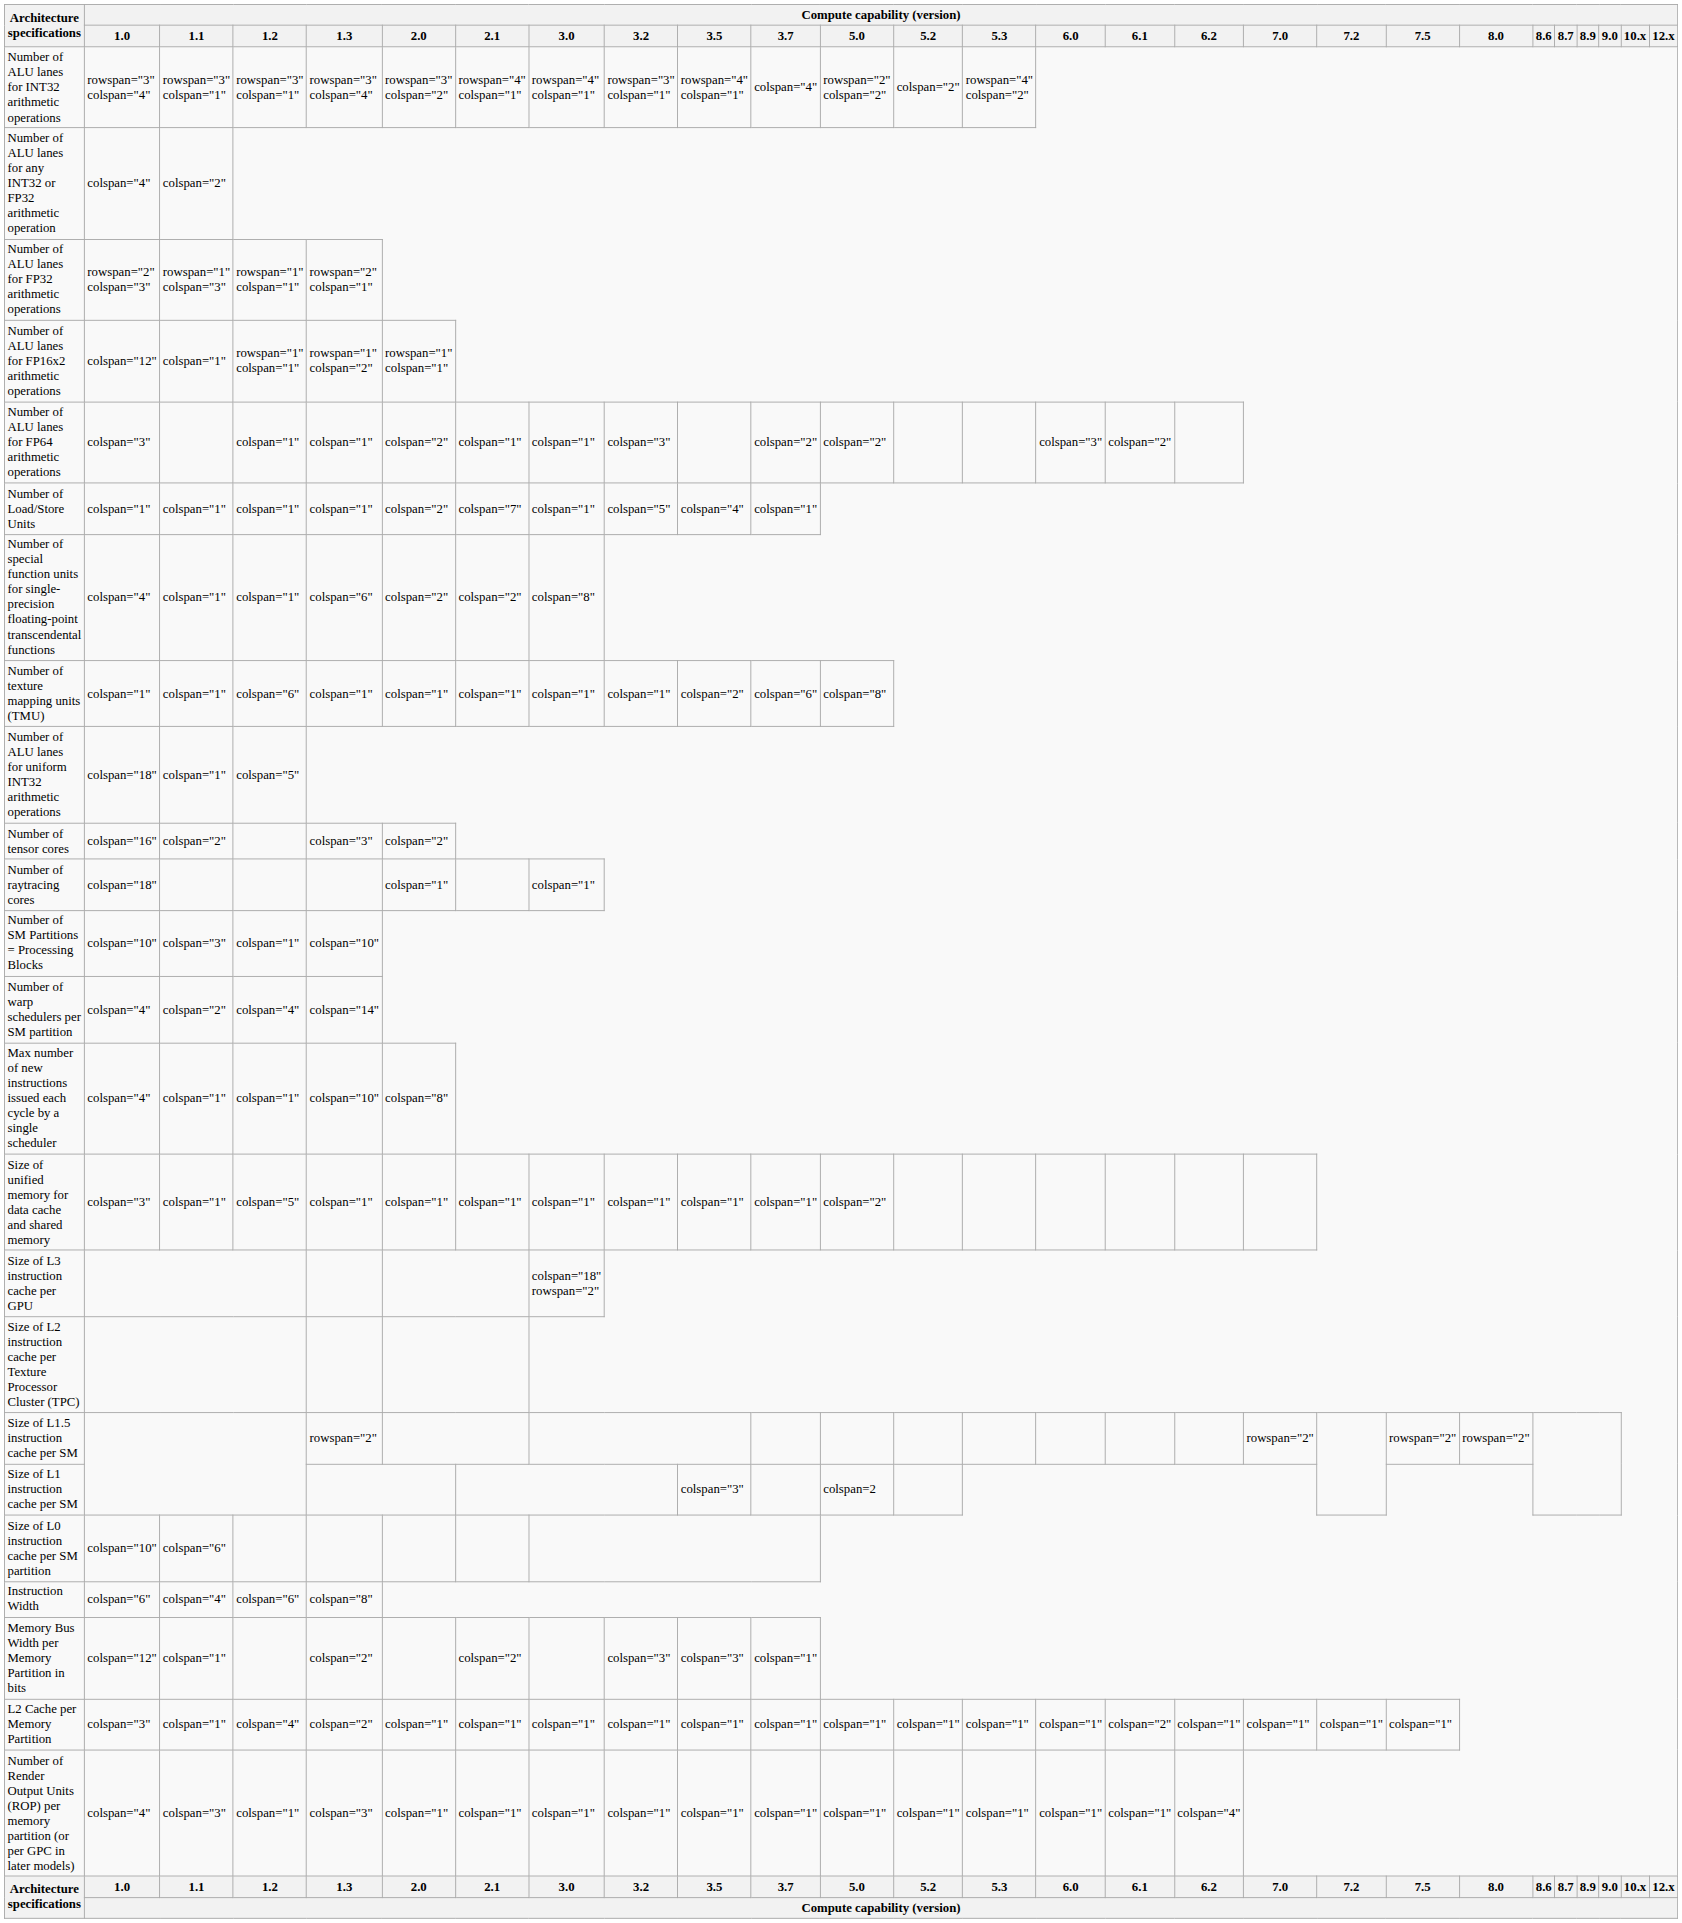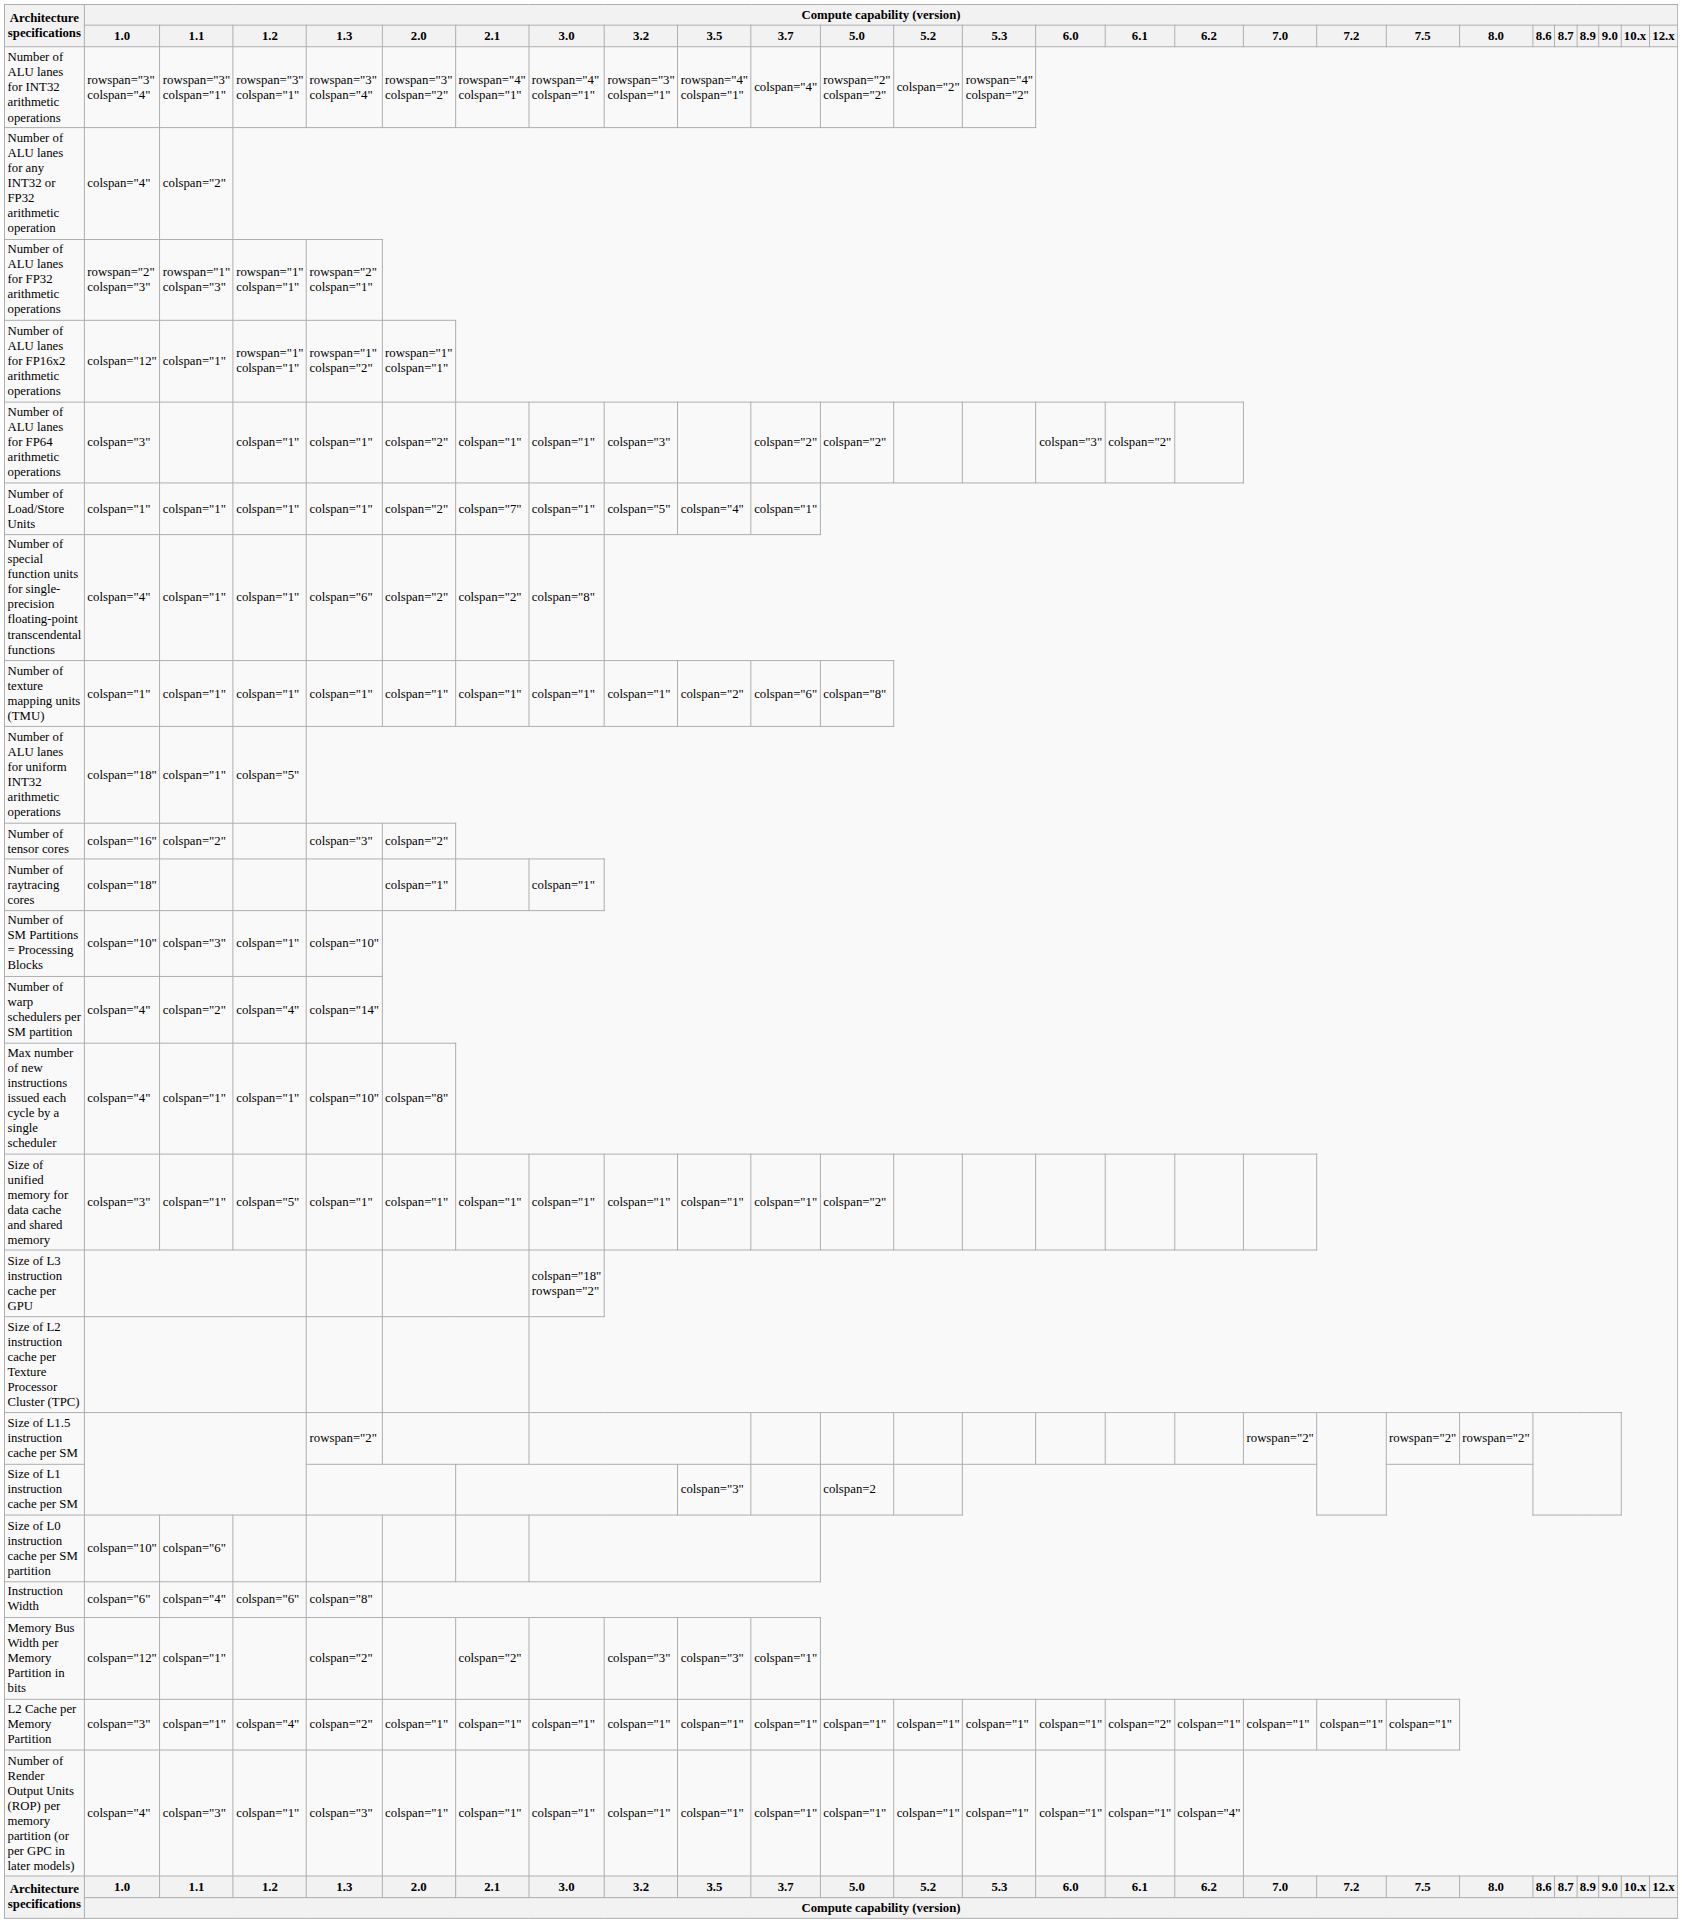 <table class="wikitable" style="font-size:85%;">
 <tr>
 <th rowspan= 2>Architecture specifications</th>
 <th colspan=26>Compute capability (version)</th>
 </tr>
 <tr>
 <th>1.0</th>
 <th>1.1</th>
 <th>1.2</th>
 <th>1.3</th>
 <th>2.0</th>
 <th>2.1</th>
 <th>3.0</th>
 <th>3.2</th>
 <th>3.5</th>
 <th>3.7</th>
 <th>5.0</th>
 <th>5.2</th>
 <th>5.3</th>
 <th>6.0</th>
 <th>6.1</th>
 <th>6.2</th>
 <th>7.0</th>
 <th>7.2</th>
 <th>7.5</th>
 <th>8.0</th>
 <th>8.6</th>
 <th>8.7</th>
 <th>8.9</th>
 <th>9.0</th>
 <th>10.x</th>
 <th>12.x</th>
 </tr>
 <tr>
 <td>Number of ALU lanes for INT32 arithmetic operations</td>
 <td>rowspan="3" colspan="4" </td>
 <td>rowspan="3" colspan="1" </td>
 <td>rowspan="3" colspan="1" </td>
 <td>rowspan="3" colspan="4" </td>
 <td>rowspan="3" colspan="2" </td>
 <td>rowspan="4" colspan="1" </td>
 <td>rowspan="4" colspan="1" </td>
 <td>rowspan="3" colspan="1" </td>
 <td>rowspan="4" colspan="1" </td>
 <td>colspan="4" </td>
 <td>rowspan="2" colspan="2" </td>
 <td>colspan="2" </td>
 <td>rowspan="4" colspan="2" </td>
 </tr>
 <tr>
 <td>Number of ALU lanes for any INT32 or FP32 arithmetic operation</td>
 <td>colspan="4" </td>
 <td>colspan="2" </td>
 </tr>
 <tr>
 <td>Number of ALU lanes for FP32 arithmetic operations</td>
 <td>rowspan="2" colspan="3" </td>
 <td>rowspan="1" colspan="3" </td>
 <td>rowspan="1" colspan="1" </td>
 <td>rowspan="2" colspan="1" </td>
 </tr>
 <tr>
 <td>Number of ALU lanes for FP16x2 arithmetic operations</td>
 <td>colspan="12" </td>
 <td>colspan="1" </td>
 <td>rowspan="1" colspan="1" </td>
 <td>rowspan="1" colspan="2" </td>
 <td>rowspan="1" colspan="1" </td>
 </tr>
 <tr>
 <td>Number of ALU lanes for FP64 arithmetic operations</td>
 <td>colspan="3" </td>
 <td></td>
 <td>colspan="1" </td>
 <td>colspan="1" </td>
 <td>colspan="2" </td>
 <td>colspan="1" </td>
 <td>colspan="1" </td>
 <td>colspan="3" </td>
 <td></td>
 <td>colspan="2" </td>
 <td>colspan="2" </td>
 <td></td>
 <td></td>
 <td>colspan="3" </td>
 <td>colspan="2" </td>
 <td></td>
 </tr>
 <tr>
 <td>Number of Load/Store Units</td>
 <td>colspan="1" </td>
 <td>colspan="1" </td>
 <td>colspan="1" </td>
 <td>colspan="1" </td>
 <td>colspan="2" </td>
 <td>colspan="7" </td>
 <td>colspan="1" </td>
 <td>colspan="5" </td>
 <td>colspan="4" </td>
 <td>colspan="1" </td>
 </tr>
 <tr>
 <td>Number of special function units for single-precision floating-point transcendental functions</td>
 <td>colspan="4" </td>
 <td>colspan="1" </td>
 <td>colspan="1" </td>
 <td>colspan="6" </td>
 <td>colspan="2" </td>
 <td>colspan="2" </td>
 <td>colspan="8" </td>
 </tr>
 <tr>
 <td>Number of texture mapping units (TMU)</td>
 <td>colspan="1" </td>
 <td>colspan="1" </td>
-<td>colspan="6" </td>
+<td>colspan="1" </td>
 <td>colspan="1" </td>
 <td>colspan="1" </td>
 <td>colspan="1" </td>
 <td>colspan="1" </td>
 <td>colspan="1" </td>
 <td>colspan="2" </td>
 <td>colspan="6" </td>
 <td>colspan="8" </td>
 </tr>
 <tr>
 <td>Number of ALU lanes for uniform INT32 arithmetic operations</td>
 <td>colspan="18" </td>
 <td>colspan="1" </td>
 <td>colspan="5" </td>
 </tr>
 <tr>
 <td>Number of tensor cores</td>
 <td>colspan="16" </td>
 <td>colspan="2" </td>
 <td></td>
 <td>colspan="3" </td>
 <td>colspan="2" </td>
 </tr>
 <tr>
 <td>Number of raytracing cores</td>
 <td>colspan="18" </td>
 <td></td>
 <td></td>
 <td></td>
 <td>colspan="1" </td>
 <td></td>
 <td>colspan="1" </td>
 </tr>
 <tr>
 <td>Number of SM Partitions = Processing Blocks</td>
 <td>colspan="10" </td>
 <td>colspan="3" </td>
 <td>colspan="1" </td>
 <td>colspan="10" </td>
 </tr>
 <tr>
 <td>Number of warp schedulers per SM partition</td>
 <td>colspan="4" </td>
 <td>colspan="2" </td>
 <td>colspan="4" </td>
 <td>colspan="14" </td>
 </tr>
 <tr>
 <td>Max number of new instructions issued each cycle by a single scheduler</td>
 <td>colspan="4" </td>
 <td>colspan="1" </td>
 <td>colspan="1" </td>
 <td>colspan="10" </td>
 <td>colspan="8" </td>
 </tr>
 <tr>
 <td>Size of unified memory for data cache and shared memory</td>
 <td>colspan="3" </td>
 <td>colspan="1" </td>
 <td>colspan="5" </td>
 <td>colspan="1" </td>
 <td>colspan="1" </td>
 <td>colspan="1" </td>
 <td>colspan="1" </td>
 <td>colspan="1" </td>
 <td>colspan="1" </td>
 <td>colspan="1" </td>
 <td>colspan="2" </td>
 <td></td>
 <td></td>
 <td></td>
 <td></td>
 <td></td>
 <td></td>
 </tr>
 <tr>
 <td>Size of L3 instruction cache per GPU</td>
 <td colspan="3"></td>
 <td></td>
 <td colspan="2"></td>
 <td>colspan="18" rowspan="2" </td>
 </tr>
 <tr>
 <td>Size of L2 instruction cache per Texture Processor Cluster (TPC)</td>
 <td colspan="3"></td>
 <td></td>
 <td colspan="2"></td>
 </tr>
 <tr>
 <td>Size of L1.5 instruction cache per SM</td>
 <td rowspan="2" colspan="3"></td>
 <td>rowspan="2" </td>
 <td colspan="2"></td>
 <td colspan="3"></td>
 <td></td>
 <td></td>
 <td></td>
 <td></td>
 <td></td>
 <td></td>
 <td></td>
 <td>rowspan="2" </td>
 <td rowspan="2"></td>
 <td>rowspan="2" </td>
 <td>rowspan="2" </td>
 <td rowspan="2" colspan="4"></td>
 </tr>
 <tr>
 <td>Size of L1 instruction cache per SM</td>
 <td colspan="2"></td>
 <td colspan="3"></td>
 <td>colspan="3" </td>
 <td></td>
 <td>colspan=2 </td>
 <td></td>
 </tr>
 <tr>
 <td>Size of L0 instruction cache per SM partition</td>
 <td>colspan="10" </td>
 <td>colspan="6" </td>
 <td></td>
 <td></td>
 <td></td>
 <td></td>
 <td colspan="4"></td>
 </tr>
 <tr>
 <td>Instruction Width</td>
 <td>colspan="6" </td>
 <td>colspan="4" </td>
 <td>colspan="6" </td>
 <td>colspan="8" </td>
 </tr>
 <tr>
 <td>Memory Bus Width per Memory Partition in bits</td>
 <td>colspan="12" </td>
 <td>colspan="1" </td>
 <td></td>
 <td>colspan="2" </td>
 <td></td>
 <td>colspan="2" </td>
 <td></td>
 <td>colspan="3" </td>
 <td>colspan="3" </td>
 <td>colspan="1" </td>
 </tr>
 <tr>
 <td>L2 Cache per Memory Partition</td>
 <td>colspan="3" </td>
 <td>colspan="1" </td>
 <td>colspan="4" </td>
 <td>colspan="2" </td>
 <td>colspan="1" </td>
 <td>colspan="1" </td>
 <td>colspan="1" </td>
 <td>colspan="1" </td>
 <td>colspan="1" </td>
 <td>colspan="1" </td>
 <td>colspan="1" </td>
 <td>colspan="1" </td>
 <td>colspan="1" </td>
 <td>colspan="1" </td>
 <td>colspan="2" </td>
 <td>colspan="1" </td>
 <td>colspan="1" </td>
 <td>colspan="1" </td>
 <td>colspan="1" </td>
 </tr>
 <tr>
 <td>Number of Render Output Units (ROP) per memory partition (or per GPC in later models)</td>
 <td>colspan="4" </td>
 <td>colspan="3" </td>
 <td>colspan="1" </td>
 <td>colspan="3" </td>
 <td>colspan="1" </td>
 <td>colspan="1" </td>
 <td>colspan="1" </td>
 <td>colspan="1" </td>
 <td>colspan="1" </td>
 <td>colspan="1" </td>
 <td>colspan="1" </td>
 <td>colspan="1" </td>
 <td>colspan="1" </td>
 <td>colspan="1" </td>
 <td>colspan="1" </td>
 <td>colspan="4" </td>
 </tr>
 <tr>
 <th rowspan= 2>Architecture specifications</th>
 <th>1.0</th>
 <th>1.1</th>
 <th>1.2</th>
 <th>1.3</th>
 <th>2.0</th>
 <th>2.1</th>
 <th>3.0</th>
 <th>3.2</th>
 <th>3.5</th>
 <th>3.7</th>
 <th>5.0</th>
 <th>5.2</th>
 <th>5.3</th>
 <th>6.0</th>
 <th>6.1</th>
 <th>6.2</th>
 <th>7.0</th>
 <th>7.2</th>
 <th>7.5</th>
 <th>8.0</th>
 <th>8.6</th>
 <th>8.7</th>
 <th>8.9</th>
 <th>9.0</th>
 <th>10.x</th>
 <th>12.x</th>
 </tr>
 <tr>
 <th colspan=26>Compute capability (version)</th>
 </tr>
 </table>
